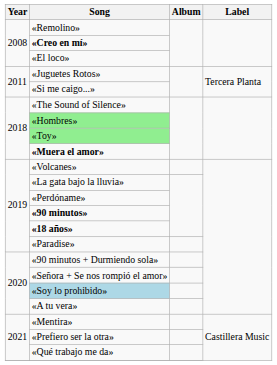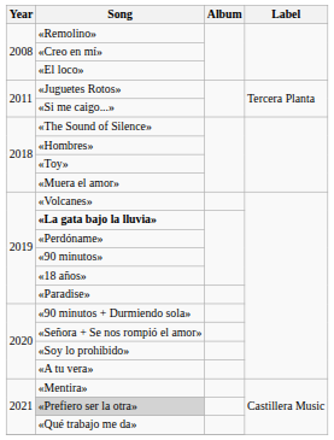 <table class="wikitable" style="margin:1em auto;">
 <tr>
 <th>Year</th>
 <th>Song</th>
 <th>Album</th>
 <th>Label</th>
 </tr>
 <tr>
 <td rowspan="3">2008</td>
 <td>«Remolino»</td>
 <td rowspan="3"></td>
 <td rowspan="3"></td>
 </tr>
 <tr>
-<td><strong>«Creo en mí»</strong></td>
+<td>«Creo en mí»</td>
 </tr>
 <tr>
 <td>«El loco»</td>
 </tr>
 <tr>
 <td rowspan="2">2011</td>
 <td>«Juguetes Rotos»</td>
 <td rowspan="2"></td>
 <td rowspan="2">Tercera Planta</td>
 </tr>
 <tr>
 <td>«Si me caigo...»</td>
 </tr>
 <tr>
 <td rowspan="4">2018</td>
 <td>«The Sound of Silence»</td>
 <td rowspan="4"></td>
 <td rowspan="4"></td>
 </tr>
 <tr>
-<td style="background: lightgreen;">«Hombres»</td>
+<td>«Hombres»</td>
 </tr>
 <tr>
-<td style="background: lightgreen;">«Toy»</td>
+<td>«Toy»</td>
 </tr>
 <tr>
-<td><strong>«Muera el amor»</strong></td>
+<td>«Muera el amor»</td>
 </tr>
 <tr>
 <td rowspan="6">2019</td>
 <td>«Volcanes»</td>
 <td></td>
 <td rowspan="10"></td>
 </tr>
 <tr>
-<td>«La gata bajo la lluvia»</td>
+<td><strong>«La gata bajo la lluvia»</strong></td>
 <td rowspan="4"></td>
 </tr>
 <tr>
 <td>«Perdóname»</td>
 </tr>
 <tr>
-<td><strong>«90 minutos»</strong></td>
+<td>«90 minutos»</td>
 </tr>
 <tr>
-<td><strong>«18 años»</strong></td>
+<td>«18 años»</td>
 </tr>
 <tr>
 <td>«Paradise»</td>
 <td rowspan="1"></td>
 </tr>
 <tr>
 <td rowspan="4">2020</td>
 <td>«90 minutos + Durmiendo sola»</td>
 <td></td>
 </tr>
 <tr>
 <td>«Señora + Se nos rompió el amor»</td>
 <td></td>
 </tr>
 <tr>
-<td style="background: lightblue;">«Soy lo prohibido»</td>
+<td>«Soy lo prohibido»</td>
 <td></td>
 </tr>
 <tr>
 <td>«A tu vera»</td>
 <td></td>
 </tr>
 <tr>
 <td rowspan="3">2021</td>
 <td>«Mentira»</td>
 <td></td>
 <td rowspan="10">Castillera Music</td>
 </tr>
 <tr>
-<td>«Prefiero ser la otra»</td>
+<td style="background: lightgrey;">«Prefiero ser la otra»</td>
 <td></td>
 </tr>
 <tr>
 <td>«Qué trabajo me da»</td>
 <td></td>
 </tr>
 <tr>
 </tr>
 </table>
